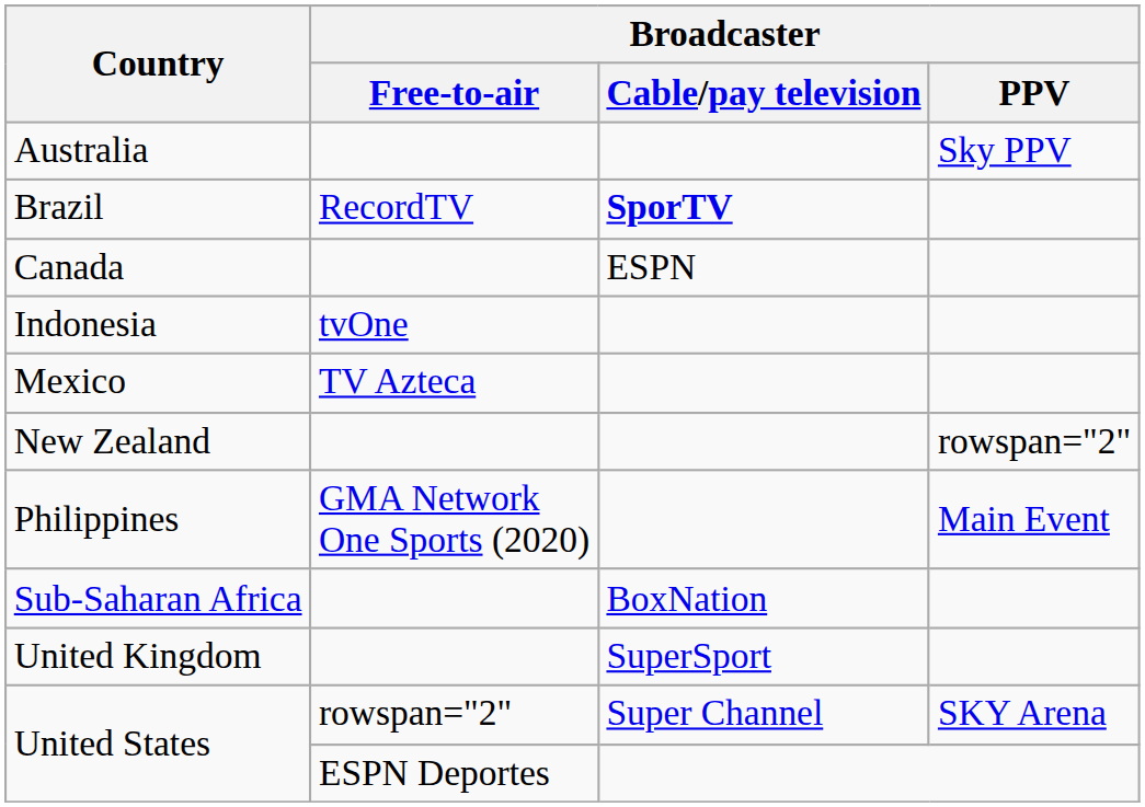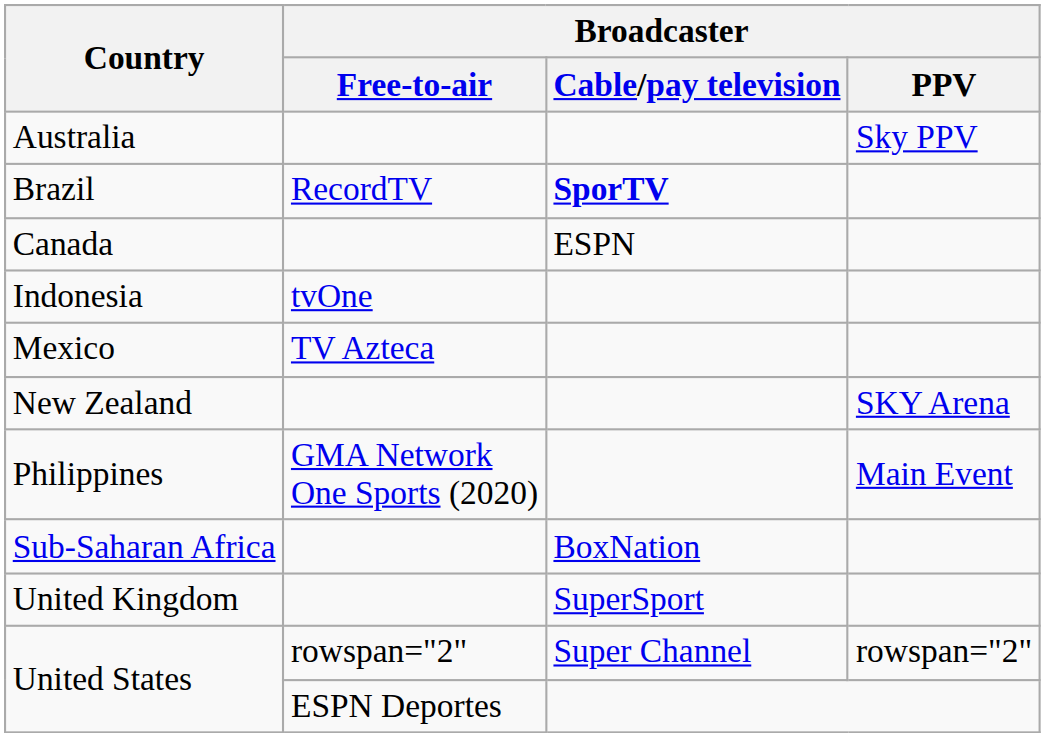 <table class="wikitable">
 <tr>
 <th rowspan="2" style="text-align:center;">Country</th>
 <th colspan="3" style="text-align:center;">Broadcaster</th>
 </tr>
 <tr>
 <th align=center><a href='#'>Free-to-air</a></th>
 <th align=center><a href='#'>Cable</a>/<a href='#'>pay television</a></th>
 <th align=center>PPV</th>
 </tr>
 <tr>
 <td> Australia</td>
 <td></td>
 <td></td>
 <td><a href='#'>Sky PPV</a></td>
 </tr>
 <tr>
 <td> Brazil</td>
 <td><a href='#'>RecordTV</a></td>
 <td><strong><a href='#'>SporTV</a></strong></td>
 <td></td>
 </tr>
 <tr>
 <td> Canada</td>
 <td></td>
 <td>ESPN </td>
 <td></td>
 </tr>
 <tr>
 <td> Indonesia</td>
 <td><a href='#'>tvOne</a></td>
 <td></td>
 <td></td>
 </tr>
 <tr>
 <td> Mexico</td>
 <td><a href='#'>TV Azteca</a></td>
 <td></td>
 <td></td>
 </tr>
 <tr>
 <td> New Zealand</td>
 <td></td>
 <td></td>
-<td>rowspan="2" </td>
+<td><a href='#'>SKY Arena</a></td>
 </tr>
 <tr>
 <td> Philippines</td>
 <td><a href='#'>GMA Network</a><br><a href='#'>One Sports</a> (2020)</td>
 <td></td>
 <td><a href='#'>Main Event</a></td>
 </tr>
 <tr>
 <td><a href='#'>Sub-Saharan Africa</a></td>
 <td></td>
 <td><a href='#'>BoxNation</a></td>
 <td></td>
 </tr>
 <tr>
 <td> United Kingdom</td>
 <td></td>
 <td><a href='#'>SuperSport</a></td>
 <td></td>
 </tr>
 <tr>
 <td rowspan="2"> United States</td>
 <td>rowspan="2" </td>
 <td><a href='#'>Super Channel</a></td>
-<td><a href='#'>SKY Arena</a></td>
+<td>rowspan="2" </td>
 </tr>
 <tr>
 <td>ESPN Deportes </td>
 </tr>
 </table>
